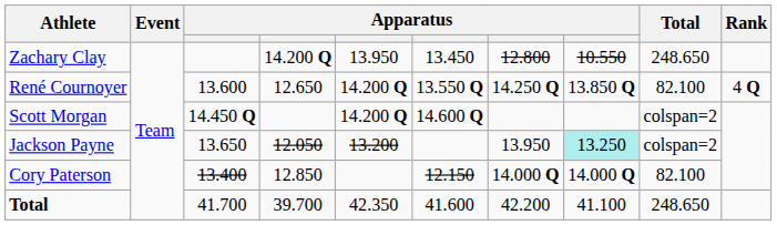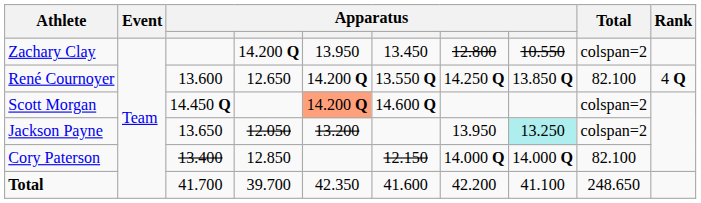 <table class="wikitable" style="font-size:90%">
 <tr>
 <th rowspan=2>Athlete</th>
 <th rowspan=2>Event</th>
 <th colspan=6>Apparatus</th>
 <th rowspan=2>Total</th>
 <th rowspan=2>Rank</th>
 </tr>
 <tr style="font-size:95%">
 <th></th>
 <th></th>
 <th></th>
 <th></th>
 <th></th>
 <th></th>
 </tr>
 <tr align=center>
 <td align=left><a href='#'>Zachary Clay</a></td>
 <td align=left rowspan=6><a href='#'>Team</a></td>
 <td></td>
 <td>14.200	<strong>Q</strong></td>
 <td>13.950</td>
 <td>13.450</td>
 <td><s>12.800</s></td>
 <td><s>10.550</s></td>
-<td>248.650</td>
+<td>colspan=2 </td>
 </tr>
 <tr align=center>
 <td align=left><a href='#'>René Cournoyer</a></td>
 <td>13.600</td>
 <td>12.650</td>
 <td>14.200	<strong>Q</strong></td>
 <td>13.550	<strong>Q</strong></td>
 <td>14.250	<strong>Q</strong></td>
 <td>13.850	<strong>Q</strong></td>
 <td>82.100</td>
 <td>4 <strong>Q</strong></td>
 </tr>
 <tr align=center>
 <td align=left><a href='#'>Scott Morgan</a></td>
 <td>14.450	<strong>Q</strong></td>
 <td></td>
-<td>14.200	<strong>Q</strong></td>
+<td style="background: lightsalmon;">14.200	<strong>Q</strong></td>
 <td>14.600 <strong>Q</strong></td>
 <td></td>
 <td></td>
 <td>colspan=2 </td>
 </tr>
 <tr align=center>
 <td align=left><a href='#'>Jackson Payne</a></td>
 <td>13.650</td>
 <td><s>12.050</s></td>
 <td><s>13.200</s></td>
 <td></td>
 <td>13.950</td>
 <td style="background: paleturquoise;">13.250</td>
 <td>colspan=2 </td>
 </tr>
 <tr align=center>
 <td align=left><a href='#'>Cory Paterson</a></td>
 <td><s>13.400</s></td>
 <td>12.850</td>
 <td></td>
 <td><s>12.150</s></td>
 <td>14.000	<strong>Q</strong></td>
 <td>14.000 <strong>Q</strong></td>
 <td>82.100</td>
 </tr>
 <tr align=center>
 <td align=left><strong>Total</strong></td>
 <td>41.700</td>
 <td>39.700</td>
 <td>42.350</td>
 <td>41.600</td>
 <td>42.200</td>
 <td>41.100</td>
 <td>248.650</td>
 <td></td>
 </tr>
 </table>
